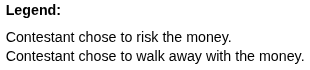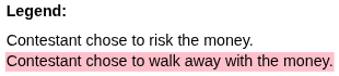 <table class="toccolours" style="font-size:100%; white-space:nowrap;">
 <tr>
 <td><strong>Legend:</strong></td>
 <td>      </td>
 </tr>
 <tr>
 <td></td>
 </tr>
 <tr>
 <td></td>
 </tr>
 <tr>
 <td> Contestant chose to risk the money.</td>
 </tr>
 <tr>
-<td> Contestant chose to walk away with the money.</td>
+<td style="background: pink;"> Contestant chose to walk away with the money.</td>
 </tr>
 </table>
